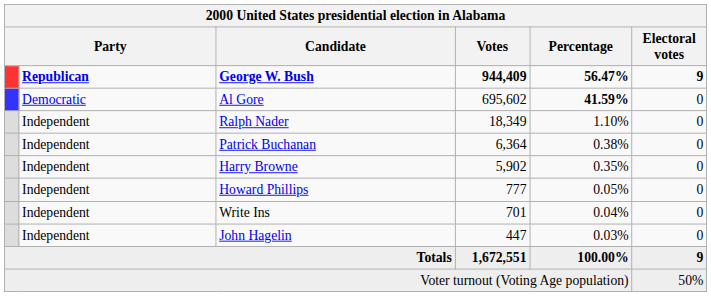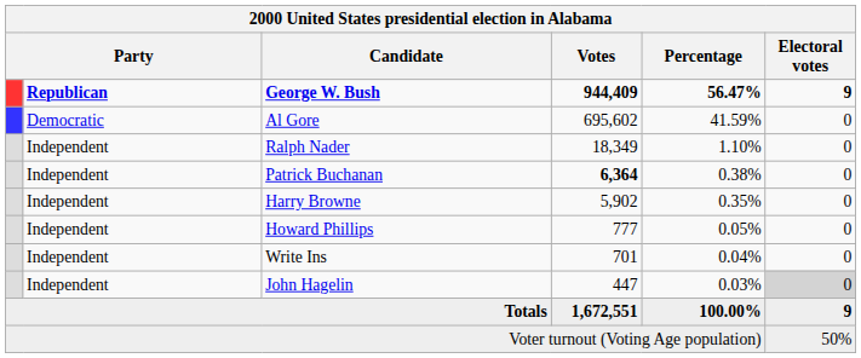 <table class="wikitable" style="font-size: 95%;">
 <tr>
 <th colspan="6">2000 United States presidential election in Alabama</th>
 </tr>
 <tr>
 <th colspan="2" style="width: 15em">Party</th>
 <th style="width: 17em">Candidate</th>
 <th style="width: 5em">Votes</th>
 <th style="width: 7em">Percentage</th>
 <th style="width: 5em">Electoral votes</th>
 </tr>
 <tr>
 <th style="background-color:#FF3333; width: 3px"></th>
 <td style="width: 130px"><strong><a href='#'>Republican</a></strong></td>
 <td><strong><a href='#'>George W. Bush</a></strong></td>
 <td align="right"><strong>944,409</strong></td>
 <td align="right"><strong>56.47%</strong></td>
 <td align="right"><strong>9</strong></td>
 </tr>
 <tr>
 <th style="background-color:#3333FF; width: 3px"></th>
 <td style="width: 130px"><a href='#'>Democratic</a></td>
 <td><a href='#'>Al Gore</a></td>
 <td align="right">695,602</td>
-<td align="right"><strong>41.59%</strong></td>
+<td align="right">41.59%</td>
 <td align="right">0</td>
 </tr>
 <tr>
 <th style="background-color:#DDDDDD; width: 3px"></th>
 <td style="width: 130px">Independent</td>
 <td><a href='#'>Ralph Nader</a></td>
 <td align="right">18,349</td>
 <td align="right">1.10%</td>
 <td align="right">0</td>
 </tr>
 <tr>
 <th style="background-color:#DDDDDD; width: 3px"></th>
 <td style="width: 130px">Independent</td>
 <td><a href='#'>Patrick Buchanan</a></td>
-<td align="right">6,364</td>
+<td align="right"><strong>6,364</strong></td>
 <td align="right">0.38%</td>
 <td align="right">0</td>
 </tr>
 <tr>
 <th style="background-color:#DDDDDD; width: 3px"></th>
 <td style="width: 130px">Independent</td>
 <td><a href='#'>Harry Browne</a></td>
 <td align="right">5,902</td>
 <td align="right">0.35%</td>
 <td align="right">0</td>
 </tr>
 <tr>
 <th style="background-color:#DDDDDD; width: 3px"></th>
 <td style="width: 130px">Independent</td>
 <td><a href='#'>Howard Phillips</a></td>
 <td align="right">777</td>
 <td align="right">0.05%</td>
 <td align="right">0</td>
 </tr>
 <tr>
 <th style="background-color:#DDDDDD; width: 3px"></th>
 <td style="width: 130px">Independent</td>
 <td>Write Ins</td>
 <td align="right">701</td>
 <td align="right">0.04%</td>
 <td align="right">0</td>
 </tr>
 <tr>
 <th style="background-color:#DDDDDD; width: 3px"></th>
 <td style="width: 130px">Independent</td>
 <td><a href='#'>John Hagelin</a></td>
 <td align="right">447</td>
 <td align="right">0.03%</td>
-<td align="right">0</td>
+<td align="right" style="background: lightgrey;">0</td>
 </tr>
 <tr bgcolor="#EEEEEE">
 <td colspan="3" align="right"><strong>Totals</strong></td>
 <td align="right"><strong>1,672,551</strong></td>
 <td align="right"><strong>100.00%</strong></td>
 <td align="right"><strong>9</strong></td>
 </tr>
 <tr bgcolor="#EEEEEE">
 <td colspan="5" align="right">Voter turnout (Voting Age population)</td>
 <td align="right">50%</td>
 </tr>
 </table>
